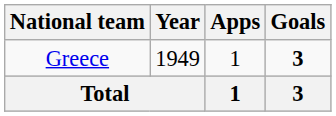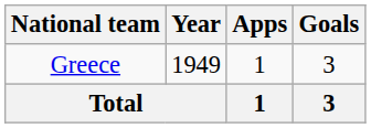 <table class=wikitable style=text-align:center>
 <tr>
 <th>National team</th>
 <th>Year</th>
 <th>Apps</th>
 <th>Goals</th>
 </tr>
 <tr>
 <td rowspan="1"><a href='#'>Greece</a></td>
 <td>1949</td>
 <td>1</td>
-<td><strong>3</strong></td>
+<td>3</td>
 </tr>
 <tr>
 <th colspan="2">Total</th>
 <th>1</th>
 <th>3</th>
 </tr>
 </table>
